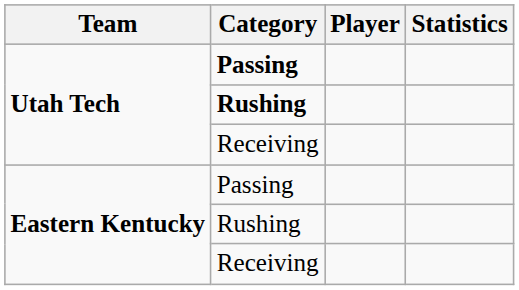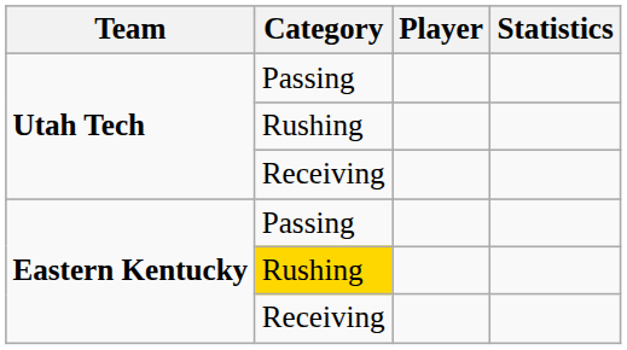 <table class="wikitable" style="float: right;">
 <tr>
 <th>Team</th>
 <th>Category</th>
 <th>Player</th>
 <th>Statistics</th>
 </tr>
 <tr>
 <td rowspan=3><strong>Utah Tech</strong></td>
-<td><strong>Passing</strong></td>
+<td>Passing</td>
 <td></td>
 <td></td>
 </tr>
 <tr>
-<td><strong>Rushing</strong></td>
+<td>Rushing</td>
 <td></td>
 <td></td>
 </tr>
 <tr>
 <td>Receiving</td>
 <td></td>
 <td></td>
 </tr>
 <tr>
 <td rowspan=3><strong>Eastern Kentucky</strong></td>
 <td>Passing</td>
 <td></td>
 <td></td>
 </tr>
 <tr>
-<td>Rushing</td>
+<td style="background: gold;">Rushing</td>
 <td></td>
 <td></td>
 </tr>
 <tr>
 <td>Receiving</td>
 <td></td>
 <td></td>
 </tr>
 </table>
